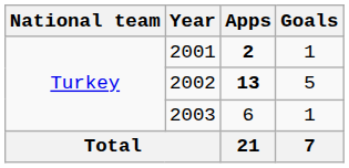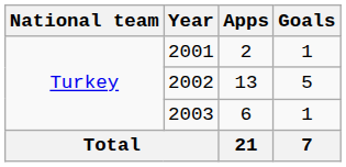 <table class="wikitable" style="text-align:center">
 <tr>
 <th>National team</th>
 <th>Year</th>
 <th>Apps</th>
 <th>Goals</th>
 </tr>
 <tr>
 <td rowspan="3"><a href='#'>Turkey</a></td>
 <td>2001</td>
-<td><strong>2</strong></td>
+<td>2</td>
 <td>1</td>
 </tr>
 <tr>
 <td>2002</td>
-<td><strong>13</strong></td>
+<td>13</td>
 <td>5</td>
 </tr>
 <tr>
 <td>2003</td>
 <td>6</td>
 <td>1</td>
 </tr>
 <tr>
 <th colspan="2">Total</th>
 <th>21</th>
 <th>7</th>
 </tr>
 </table>
